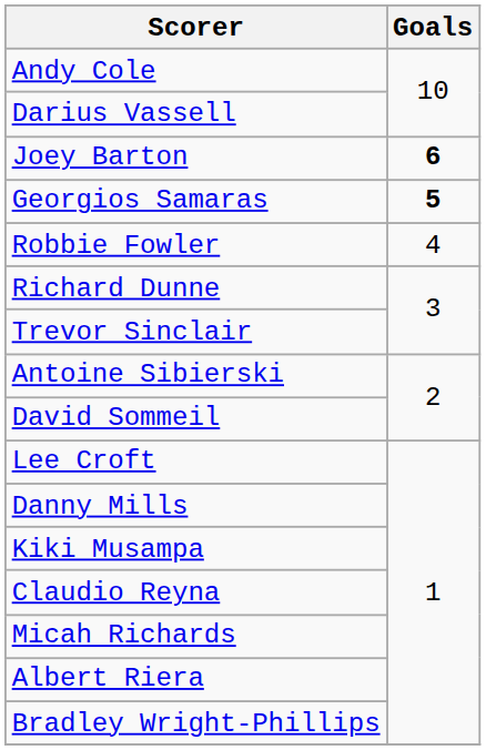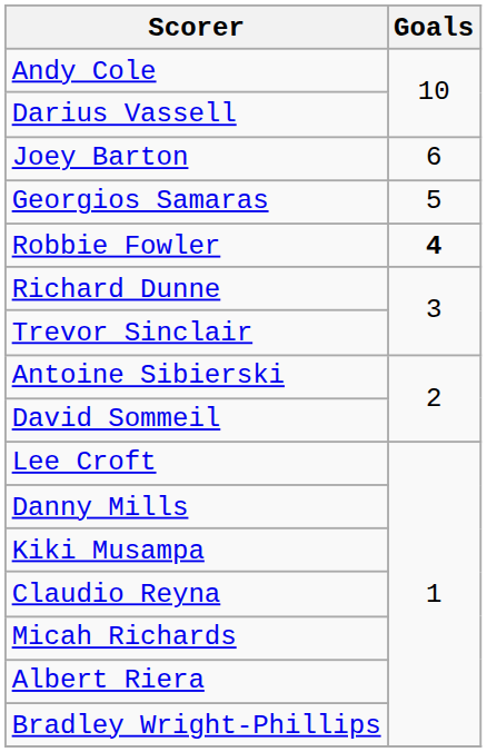 <table class="wikitable">
 <tr>
 <th>Scorer</th>
 <th>Goals</th>
 </tr>
 <tr>
 <td> <a href='#'>Andy Cole</a></td>
 <td rowspan="2" align=center>10</td>
 </tr>
 <tr>
 <td> <a href='#'>Darius Vassell</a></td>
 </tr>
 <tr>
 <td> <a href='#'>Joey Barton</a></td>
-<td align=center><strong>6</strong></td>
+<td align=center>6</td>
 </tr>
 <tr>
 <td> <a href='#'>Georgios Samaras</a></td>
-<td align=center><strong>5</strong></td>
+<td align=center>5</td>
 </tr>
 <tr>
 <td> <a href='#'>Robbie Fowler</a></td>
-<td align=center>4</td>
+<td align=center><strong>4</strong></td>
 </tr>
 <tr>
 <td> <a href='#'>Richard Dunne</a></td>
 <td rowspan="2" align=center>3</td>
 </tr>
 <tr>
 <td> <a href='#'>Trevor Sinclair</a></td>
 </tr>
 <tr>
 <td> <a href='#'>Antoine Sibierski</a></td>
 <td rowspan="2" align=center>2</td>
 </tr>
 <tr>
 <td> <a href='#'>David Sommeil</a></td>
 </tr>
 <tr>
 <td> <a href='#'>Lee Croft</a></td>
 <td rowspan="7" align=center>1</td>
 </tr>
 <tr>
 <td> <a href='#'>Danny Mills</a></td>
 </tr>
 <tr>
 <td> <a href='#'>Kiki Musampa</a></td>
 </tr>
 <tr>
 <td> <a href='#'>Claudio Reyna</a></td>
 </tr>
 <tr>
 <td> <a href='#'>Micah Richards</a></td>
 </tr>
 <tr>
 <td> <a href='#'>Albert Riera</a></td>
 </tr>
 <tr>
 <td> <a href='#'>Bradley Wright-Phillips</a></td>
 </tr>
 <tr>
 </tr>
 </table>
